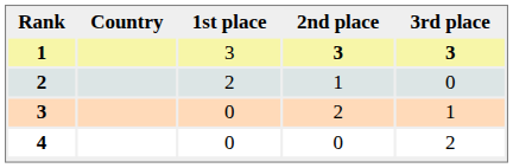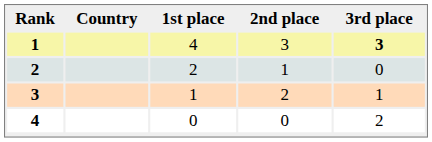 <table style="border-style:solid;border-width:1px;border-color:#808080;background-color:#EFEFEF" cellspacing="2" cellpadding="2" width="400px">
 <tr bgcolor="#EFEFEF">
 <th>Rank</th>
 <th align=center>Country</th>
 <th>1st place</th>
 <th>2nd place</th>
 <th>3rd place</th>
 </tr>
 <tr align="center" valign="top" bgcolor="#F7F6A8">
 <th>1</th>
 <td align="left"></td>
+<td align="center">4</td>
 <td align="center">3</td>
-<td align="center"><strong>3</strong></td>
 <td align="center"><strong>3</strong></td>
 </tr>
 <tr align="center" valign="top" bgcolor="#DCE5E5">
 <th>2</th>
 <td align="left"></td>
 <td align="center">2</td>
 <td align="center">1</td>
 <td align="center">0</td>
 </tr>
 <tr align="center" valign="top" bgcolor="#FFDAB9">
 <th>3</th>
 <td align="left"></td>
-<td align="center">0</td>
+<td align="center">1</td>
 <td align="center">2</td>
 <td align="center">1</td>
 </tr>
 <tr align="center" valign="top" bgcolor="#FFFFFF">
 <th>4</th>
 <td align="left"></td>
 <td align="center">0</td>
 <td align="center">0</td>
 <td align="center">2</td>
 </tr>
 <tr align="center" valign="top" bgcolor="#FFFFFF">
 </tr>
 </table>
